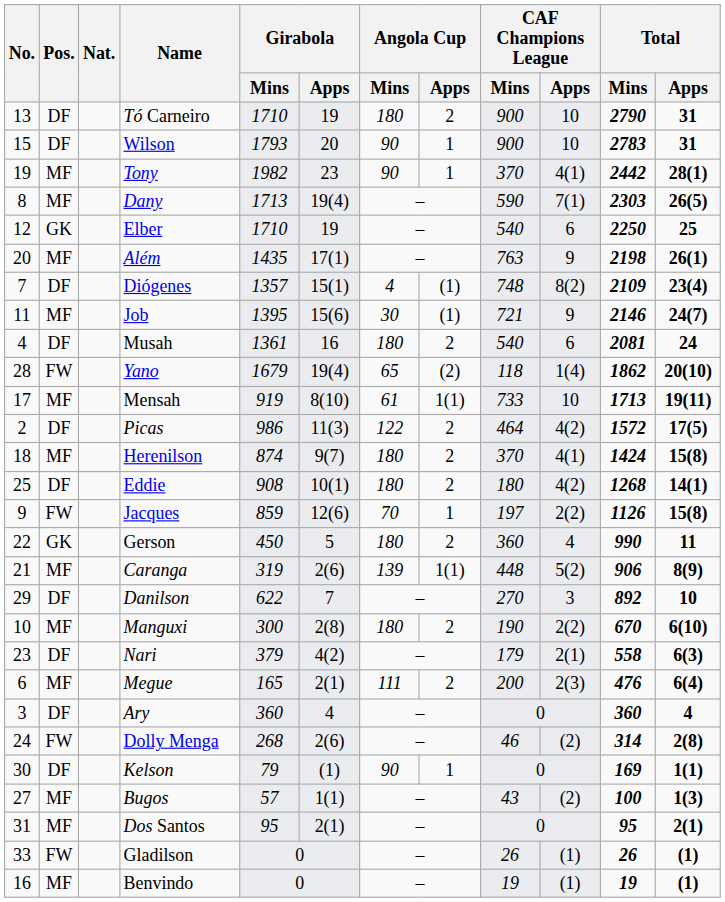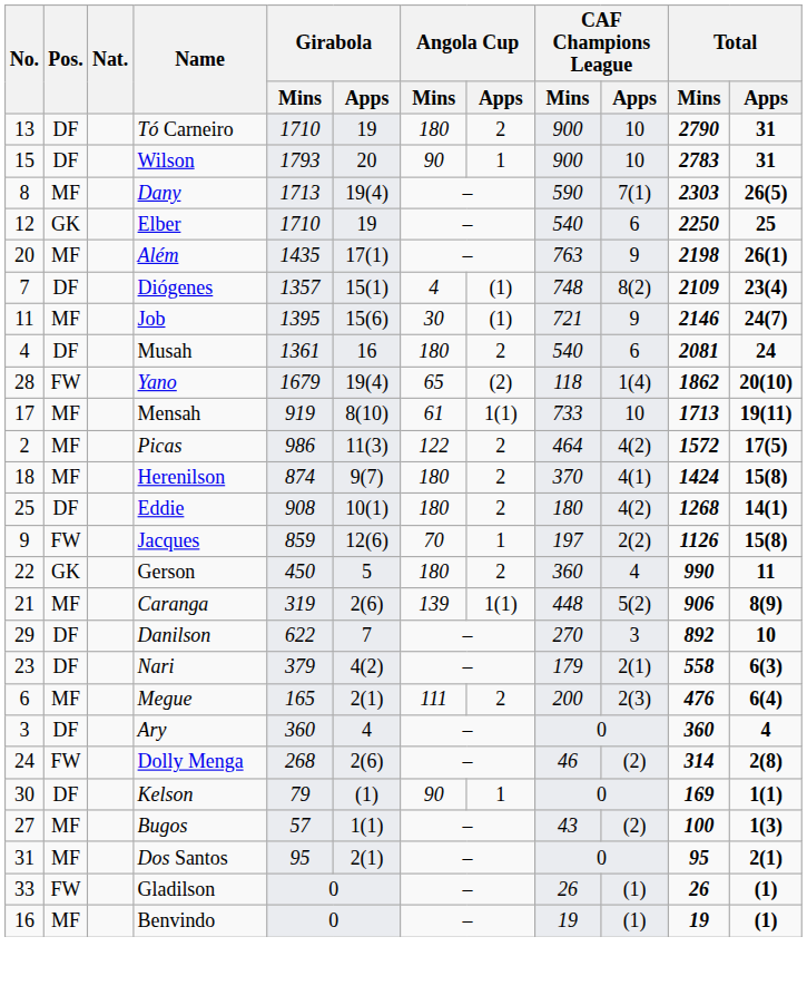 <table class="wikitable sortable" style="text-align:center">
 <tr>
 <th style="text-align:center;" rowspan="2">No.</th>
 <th style="text-align:center;" rowspan="2">Pos.</th>
 <th style="text-align:center;" rowspan="2">Nat.</th>
 <th style="text-align:center; width:100px;" rowspan="2">Name</th>
 <th style="text-align:center; width:100px;" colspan="2">Girabola</th>
 <th style="text-align:center; width:100px;" colspan="2">Angola Cup</th>
 <th style="text-align:center; width:100px;" colspan="2">CAF Champions League</th>
 <th style="text-align:center; width:100px;" colspan="2">Total</th>
 </tr>
 <tr>
 <th style="text-align:center;">Mins</th>
 <th style="text-align:center;">Apps</th>
 <th style="text-align:center;">Mins</th>
 <th style="text-align:center;">Apps</th>
 <th style="text-align:center;">Mins</th>
 <th style="text-align:center;">Apps</th>
 <th style="text-align:center;">Mins</th>
 <th style="text-align:center;">Apps</th>
 </tr>
 <tr>
 <td>13</td>
 <td>DF</td>
 <td></td>
 <td align=left><em>Tó</em> Carneiro</td>
 <td style="background:#eaecf0;"><em>1710</em></td>
 <td style="background:#eaecf0;">19</td>
 <td><em>180</em></td>
 <td>2</td>
 <td style="background:#eaecf0;"><em>900</em></td>
 <td style="background:#eaecf0;">10</td>
 <td><strong><em>2790</em></strong></td>
 <td><strong>31</strong></td>
 </tr>
 <tr>
 <td>15</td>
 <td>DF</td>
 <td></td>
 <td align=left><a href='#'>Wilson</a></td>
 <td style="background:#eaecf0;"><em>1793</em></td>
 <td style="background:#eaecf0;">20</td>
 <td><em>90</em></td>
 <td>1</td>
 <td style="background:#eaecf0;"><em>900</em></td>
 <td style="background:#eaecf0;">10</td>
 <td><strong><em>2783</em></strong></td>
 <td><strong>31</strong></td>
-</tr>
-<tr>
-<td>19</td>
-<td>MF</td>
-<td></td>
-<td align=left><em><a href='#'>Tony</a></em></td>
-<td style="background:#eaecf0;"><em>1982</em></td>
-<td style="background:#eaecf0;">23</td>
-<td><em>90</em></td>
-<td>1</td>
-<td style="background:#eaecf0;"><em>370</em></td>
-<td style="background:#eaecf0;">4(1)</td>
-<td><strong><em>2442</em></strong></td>
-<td><strong>28(1)</strong></td>
 </tr>
 <tr>
 <td>8</td>
 <td>MF</td>
 <td></td>
 <td align=left><em><a href='#'>Dany</a></em></td>
 <td style="background:#eaecf0;"><em>1713</em></td>
 <td style="background:#eaecf0;">19(4)</td>
 <td colspan=2>–</td>
 <td style="background:#eaecf0;"><em>590</em></td>
 <td style="background:#eaecf0;">7(1)</td>
 <td><strong><em>2303</em></strong></td>
 <td><strong>26(5)</strong></td>
 </tr>
 <tr>
 <td>12</td>
 <td>GK</td>
 <td></td>
 <td align=left><a href='#'>Elber</a></td>
 <td style="background:#eaecf0;"><em>1710</em></td>
 <td style="background:#eaecf0;">19</td>
 <td colspan=2>–</td>
 <td style="background:#eaecf0;"><em>540</em></td>
 <td style="background:#eaecf0;">6</td>
 <td><strong><em>2250</em></strong></td>
 <td><strong>25</strong></td>
 </tr>
 <tr>
 <td>20</td>
 <td>MF</td>
 <td></td>
 <td align=left><em><a href='#'>Além</a></em></td>
 <td style="background:#eaecf0;"><em>1435</em></td>
 <td style="background:#eaecf0;">17(1)</td>
 <td colspan=2>–</td>
 <td style="background:#eaecf0;"><em>763</em></td>
 <td style="background:#eaecf0;">9</td>
 <td><strong><em>2198</em></strong></td>
 <td><strong>26(1)</strong></td>
 </tr>
 <tr>
 <td>7</td>
 <td>DF</td>
 <td></td>
 <td align=left><a href='#'>Diógenes</a></td>
 <td style="background:#eaecf0;"><em>1357</em></td>
 <td style="background:#eaecf0;">15(1)</td>
 <td><em>4</em></td>
 <td>(1)</td>
 <td style="background:#eaecf0;"><em>748</em></td>
 <td style="background:#eaecf0;">8(2)</td>
 <td><strong><em>2109</em></strong></td>
 <td><strong>23(4)</strong></td>
 </tr>
 <tr>
 <td>11</td>
 <td>MF</td>
 <td></td>
 <td align=left><a href='#'>Job</a></td>
 <td style="background:#eaecf0;"><em>1395</em></td>
 <td style="background:#eaecf0;">15(6)</td>
 <td><em>30</em></td>
 <td>(1)</td>
 <td style="background:#eaecf0;"><em>721</em></td>
 <td style="background:#eaecf0;">9</td>
 <td><strong><em>2146</em></strong></td>
 <td><strong>24(7)</strong></td>
 </tr>
 <tr>
 <td>4</td>
 <td>DF</td>
 <td></td>
 <td align=left>Musah</td>
 <td style="background:#eaecf0;"><em>1361</em></td>
 <td style="background:#eaecf0;">16</td>
 <td><em>180</em></td>
 <td>2</td>
 <td style="background:#eaecf0;"><em>540</em></td>
 <td style="background:#eaecf0;">6</td>
 <td><strong><em>2081</em></strong></td>
 <td><strong>24</strong></td>
 </tr>
 <tr>
 <td>28</td>
 <td>FW</td>
 <td></td>
 <td align=left><em><a href='#'>Yano</a></em></td>
 <td style="background:#eaecf0;"><em>1679</em></td>
 <td style="background:#eaecf0;">19(4)</td>
 <td><em>65</em></td>
 <td>(2)</td>
 <td style="background:#eaecf0;"><em>118</em></td>
 <td style="background:#eaecf0;">1(4)</td>
 <td><strong><em>1862</em></strong></td>
 <td><strong>20(10)</strong></td>
 </tr>
 <tr>
 <td>17</td>
 <td>MF</td>
 <td></td>
 <td align=left>Mensah</td>
 <td style="background:#eaecf0;"><em>919</em></td>
 <td style="background:#eaecf0;">8(10)</td>
 <td><em>61</em></td>
 <td>1(1)</td>
 <td style="background:#eaecf0;"><em>733</em></td>
 <td style="background:#eaecf0;">10</td>
 <td><strong><em>1713</em></strong></td>
 <td><strong>19(11)</strong></td>
 </tr>
 <tr>
 <td>2</td>
-<td>DF</td>
+<td>MF</td>
 <td></td>
 <td align=left><em>Picas</em></td>
 <td style="background:#eaecf0;"><em>986</em></td>
 <td style="background:#eaecf0;">11(3)</td>
 <td><em>122</em></td>
 <td>2</td>
 <td style="background:#eaecf0;"><em>464</em></td>
 <td style="background:#eaecf0;">4(2)</td>
 <td><strong><em>1572</em></strong></td>
 <td><strong>17(5)</strong></td>
 </tr>
 <tr>
 <td>18</td>
 <td>MF</td>
 <td></td>
 <td align=left><a href='#'>Herenilson</a></td>
 <td style="background:#eaecf0;"><em>874</em></td>
 <td style="background:#eaecf0;">9(7)</td>
 <td><em>180</em></td>
 <td>2</td>
 <td style="background:#eaecf0;"><em>370</em></td>
 <td style="background:#eaecf0;">4(1)</td>
 <td><strong><em>1424</em></strong></td>
 <td><strong>15(8)</strong></td>
 </tr>
 <tr>
 <td>25</td>
 <td>DF</td>
 <td></td>
 <td align=left><a href='#'>Eddie</a></td>
 <td style="background:#eaecf0;"><em>908</em></td>
 <td style="background:#eaecf0;">10(1)</td>
 <td><em>180</em></td>
 <td>2</td>
 <td style="background:#eaecf0;"><em>180</em></td>
 <td style="background:#eaecf0;">4(2)</td>
 <td><strong><em>1268</em></strong></td>
 <td><strong>14(1)</strong></td>
 </tr>
 <tr>
 <td>9</td>
 <td>FW</td>
 <td></td>
 <td align=left><a href='#'>Jacques</a></td>
 <td style="background:#eaecf0;"><em>859</em></td>
 <td style="background:#eaecf0;">12(6)</td>
 <td><em>70</em></td>
 <td>1</td>
 <td style="background:#eaecf0;"><em>197</em></td>
 <td style="background:#eaecf0;">2(2)</td>
 <td><strong><em>1126</em></strong></td>
 <td><strong>15(8)</strong></td>
 </tr>
 <tr>
 <td>22</td>
 <td>GK</td>
 <td></td>
 <td align=left>Gerson</td>
 <td style="background:#eaecf0;"><em>450</em></td>
 <td style="background:#eaecf0;">5</td>
 <td><em>180</em></td>
 <td>2</td>
 <td style="background:#eaecf0;"><em>360</em></td>
 <td style="background:#eaecf0;">4</td>
 <td><strong><em>990</em></strong></td>
 <td><strong>11</strong></td>
 </tr>
 <tr>
 <td>21</td>
 <td>MF</td>
 <td></td>
 <td align=left><em>Caranga</em></td>
 <td style="background:#eaecf0;"><em>319</em></td>
 <td style="background:#eaecf0;">2(6)</td>
 <td><em>139</em></td>
 <td>1(1)</td>
 <td style="background:#eaecf0;"><em>448</em></td>
 <td style="background:#eaecf0;">5(2)</td>
 <td><strong><em>906</em></strong></td>
 <td><strong>8(9)</strong></td>
 </tr>
 <tr>
 <td>29</td>
 <td>DF</td>
 <td></td>
 <td align=left><em>Danilson</em></td>
 <td style="background:#eaecf0;"><em>622</em></td>
 <td style="background:#eaecf0;">7</td>
 <td colspan=2>–</td>
 <td style="background:#eaecf0;"><em>270</em></td>
 <td style="background:#eaecf0;">3</td>
 <td><strong><em>892</em></strong></td>
 <td><strong>10</strong></td>
-</tr>
-<tr>
-<td>10</td>
-<td>MF</td>
-<td></td>
-<td align=left><em>Manguxi</em></td>
-<td style="background:#eaecf0;"><em>300</em></td>
-<td style="background:#eaecf0;">2(8)</td>
-<td><em>180</em></td>
-<td>2</td>
-<td style="background:#eaecf0;"><em>190</em></td>
-<td style="background:#eaecf0;">2(2)</td>
-<td><strong><em>670</em></strong></td>
-<td><strong>6(10)</strong></td>
 </tr>
 <tr>
 <td>23</td>
 <td>DF</td>
 <td></td>
 <td align=left><em>Nari</em></td>
 <td style="background:#eaecf0;"><em>379</em></td>
 <td style="background:#eaecf0;">4(2)</td>
 <td colspan=2>–</td>
 <td style="background:#eaecf0;"><em>179</em></td>
 <td style="background:#eaecf0;">2(1)</td>
 <td><strong><em>558</em></strong></td>
 <td><strong>6(3)</strong></td>
 </tr>
 <tr>
 <td>6</td>
 <td>MF</td>
 <td></td>
 <td align=left><em>Megue</em></td>
 <td style="background:#eaecf0;"><em>165</em></td>
 <td style="background:#eaecf0;">2(1)</td>
 <td><em>111</em></td>
 <td>2</td>
 <td style="background:#eaecf0;"><em>200</em></td>
 <td style="background:#eaecf0;">2(3)</td>
 <td><strong><em>476</em></strong></td>
 <td><strong>6(4)</strong></td>
 </tr>
 <tr>
 <td>3</td>
 <td>DF</td>
 <td></td>
 <td align=left><em>Ary</em></td>
 <td style="background:#eaecf0;"><em>360</em></td>
 <td style="background:#eaecf0;">4</td>
 <td colspan=2>–</td>
 <td colspan=2 style="background:#eaecf0;">0</td>
 <td><strong><em>360</em></strong></td>
 <td><strong>4</strong></td>
 </tr>
 <tr>
 <td>24</td>
 <td>FW</td>
 <td></td>
 <td align=left><a href='#'>Dolly Menga</a></td>
 <td style="background:#eaecf0;"><em>268</em></td>
 <td style="background:#eaecf0;">2(6)</td>
 <td colspan=2>–</td>
 <td style="background:#eaecf0;"><em>46</em></td>
 <td style="background:#eaecf0;">(2)</td>
 <td><strong><em>314</em></strong></td>
 <td><strong>2(8)</strong></td>
 </tr>
 <tr>
 <td>30</td>
 <td>DF</td>
 <td></td>
 <td align=left><em>Kelson</em></td>
 <td style="background:#eaecf0;"><em>79</em></td>
 <td style="background:#eaecf0;">(1)</td>
 <td><em>90</em></td>
 <td>1</td>
 <td colspan=2 style="background:#eaecf0;">0</td>
 <td><strong><em>169</em></strong></td>
 <td><strong>1(1)</strong></td>
 </tr>
 <tr>
 <td>27</td>
 <td>MF</td>
 <td></td>
 <td align=left><em>Bugos</em></td>
 <td style="background:#eaecf0;"><em>57</em></td>
 <td style="background:#eaecf0;">1(1)</td>
 <td colspan=2>–</td>
 <td style="background:#eaecf0;"><em>43</em></td>
 <td style="background:#eaecf0;">(2)</td>
 <td><strong><em>100</em></strong></td>
 <td><strong>1(3)</strong></td>
 </tr>
 <tr>
 <td>31</td>
 <td>MF</td>
 <td></td>
 <td align=left><em>Dos</em> Santos</td>
 <td style="background:#eaecf0;"><em>95</em></td>
 <td style="background:#eaecf0;">2(1)</td>
 <td colspan=2>–</td>
 <td colspan=2 style="background:#eaecf0;">0</td>
 <td><strong><em>95</em></strong></td>
 <td><strong>2(1)</strong></td>
 </tr>
 <tr>
 <td>33</td>
 <td>FW</td>
 <td></td>
 <td align=left>Gladilson</td>
 <td colspan=2 style="background:#eaecf0;">0</td>
 <td colspan=2>–</td>
 <td style="background:#eaecf0;"><em>26</em></td>
 <td style="background:#eaecf0;">(1)</td>
 <td><strong><em>26</em></strong></td>
 <td><strong>(1)</strong></td>
 </tr>
 <tr>
 <td>16</td>
 <td>MF</td>
 <td></td>
 <td align=left>Benvindo</td>
 <td colspan=2 style="background:#eaecf0;">0</td>
 <td colspan=2>–</td>
 <td style="background:#eaecf0;"><em>19</em></td>
 <td style="background:#eaecf0;">(1)</td>
 <td><strong><em>19</em></strong></td>
 <td><strong>(1)</strong></td>
 </tr>
 </table>
